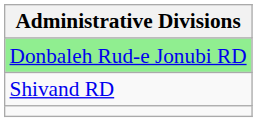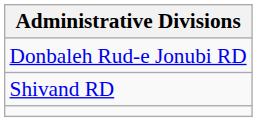 <table class="wikitable">
 <tr>
 <th>Administrative Divisions</th>
 </tr>
 <tr>
-<td style="background: lightgreen;"><a href='#'>Donbaleh Rud-e Jonubi RD</a></td>
+<td><a href='#'>Donbaleh Rud-e Jonubi RD</a></td>
 </tr>
 <tr>
 <td><a href='#'>Shivand RD</a></td>
 </tr>
 <tr>
 <td colspan=1></td>
 </tr>
 </table>
